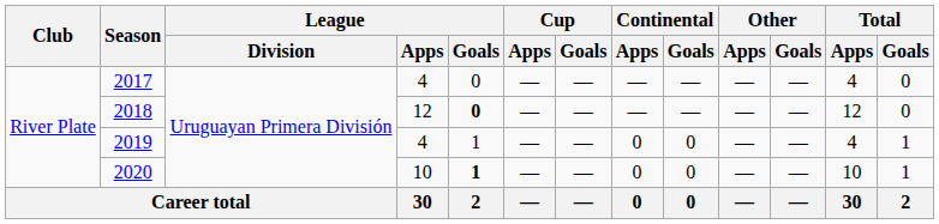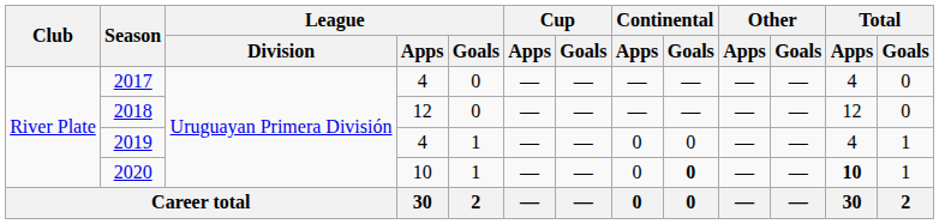 <table class=wikitable style=text-align:center>
 <tr>
 <th rowspan=2>Club</th>
 <th rowspan=2>Season</th>
 <th colspan=3>League</th>
 <th colspan=2>Cup</th>
 <th colspan=2>Continental</th>
 <th colspan=2>Other</th>
 <th colspan=2>Total</th>
 </tr>
 <tr>
 <th>Division</th>
 <th>Apps</th>
 <th>Goals</th>
 <th>Apps</th>
 <th>Goals</th>
 <th>Apps</th>
 <th>Goals</th>
 <th>Apps</th>
 <th>Goals</th>
 <th>Apps</th>
 <th>Goals</th>
 </tr>
 <tr>
 <td rowspan=4><a href='#'>River Plate</a></td>
 <td><a href='#'>2017</a></td>
 <td rowspan=4><a href='#'>Uruguayan Primera División</a></td>
 <td>4</td>
 <td>0</td>
 <td>—</td>
 <td>—</td>
 <td>—</td>
 <td>—</td>
 <td>—</td>
 <td>—</td>
 <td>4</td>
 <td>0</td>
 </tr>
 <tr>
 <td><a href='#'>2018</a></td>
 <td>12</td>
-<td><strong>0</strong></td>
+<td>0</td>
 <td>—</td>
 <td>—</td>
 <td>—</td>
 <td>—</td>
 <td>—</td>
 <td>—</td>
 <td>12</td>
 <td>0</td>
 </tr>
 <tr>
 <td><a href='#'>2019</a></td>
 <td>4</td>
 <td>1</td>
 <td>—</td>
 <td>—</td>
 <td>0</td>
 <td>0</td>
 <td>—</td>
 <td>—</td>
 <td>4</td>
 <td>1</td>
 </tr>
 <tr>
 <td><a href='#'>2020</a></td>
 <td>10</td>
-<td><strong>1</strong></td>
+<td>1</td>
 <td>—</td>
 <td>—</td>
 <td>0</td>
-<td>0</td>
+<td><strong>0</strong></td>
 <td>—</td>
 <td>—</td>
-<td>10</td>
+<td><strong>10</strong></td>
 <td>1</td>
 </tr>
 <tr>
 <th colspan=3>Career total</th>
 <th>30</th>
 <th>2</th>
 <th>—</th>
 <th>—</th>
 <th>0</th>
 <th>0</th>
 <th>—</th>
 <th>—</th>
 <th>30</th>
 <th>2</th>
 </tr>
 </table>
